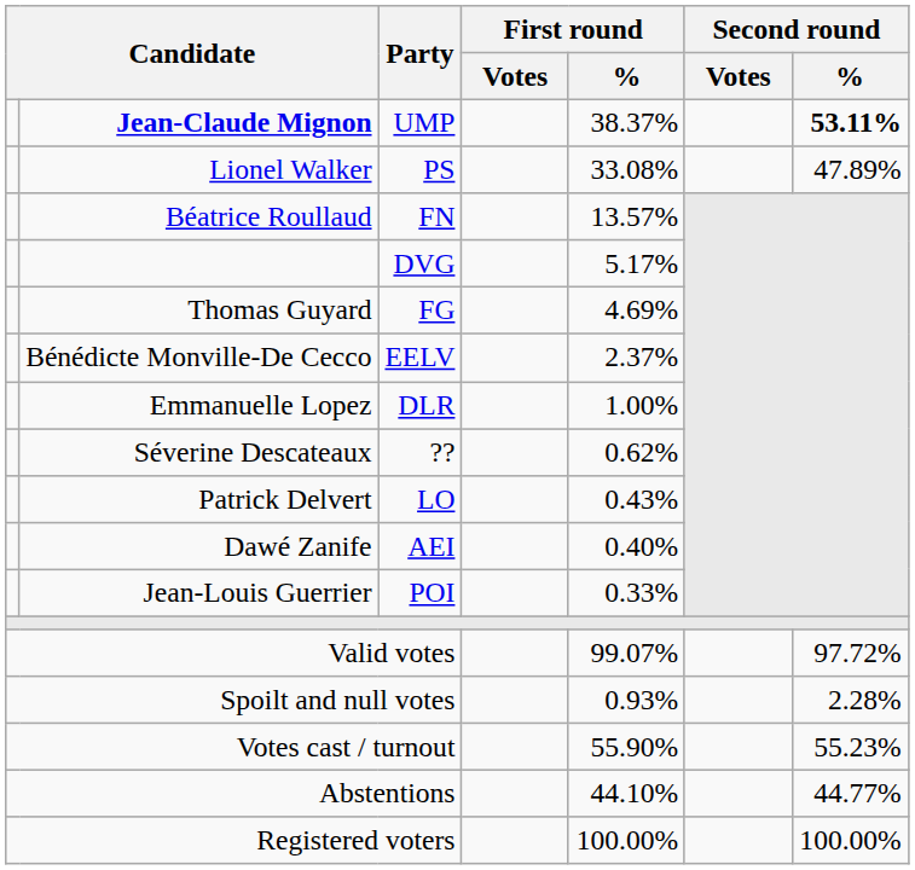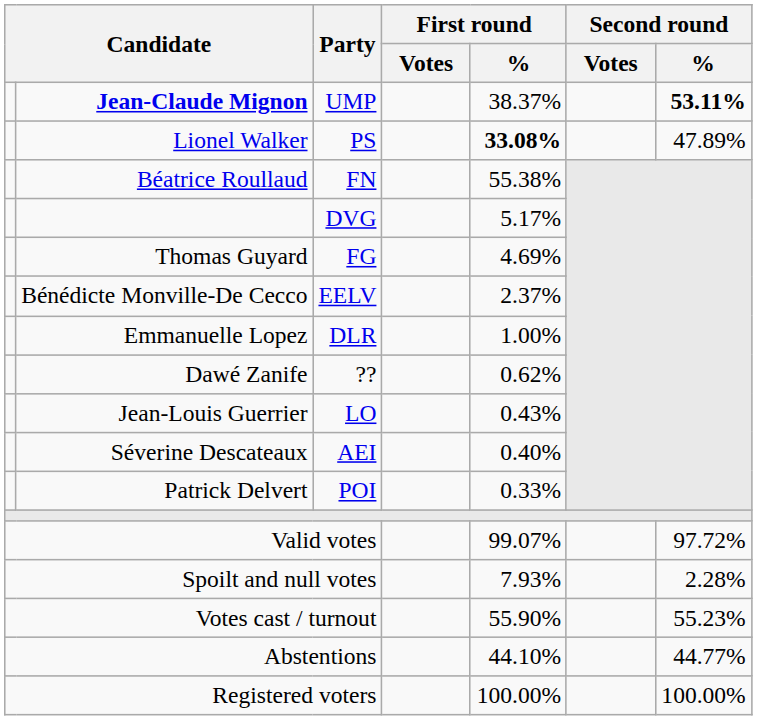 <table class="wikitable" style="text-align:right;font-size:95%;">
 <tr>
 <th rowspan=2 colspan=2>Candidate</th>
 <th rowspan=2 colspan=1>Party</th>
 <th colspan=2>First round</th>
 <th colspan=2>Second round</th>
 </tr>
 <tr>
 <th style="width:50px;">Votes</th>
 <th style="width:55px;">%</th>
 <th style="width:50px;">Votes</th>
 <th style="width:55px;">%</th>
 </tr>
 <tr>
 <td style="color:inherit;background-color:"></td>
 <td><strong><a href='#'>Jean-Claude Mignon</a></strong></td>
 <td><a href='#'>UMP</a></td>
 <td></td>
 <td>38.37%</td>
 <td><strong></strong></td>
 <td><strong>53.11%</strong></td>
 </tr>
 <tr>
 <td style="color:inherit;background-color:"></td>
 <td><a href='#'>Lionel Walker</a></td>
 <td><a href='#'>PS</a></td>
 <td></td>
-<td>33.08%</td>
+<td><strong>33.08%</strong></td>
 <td></td>
 <td>47.89%</td>
 </tr>
 <tr>
 <td style="color:inherit;background-color:"></td>
 <td><a href='#'>Béatrice Roullaud</a></td>
 <td><a href='#'>FN</a></td>
 <td></td>
-<td>13.57%</td>
+<td>55.38%</td>
 <td colspan=7 rowspan=9 style="background-color:#E9E9E9;"></td>
 </tr>
 <tr>
 <td style="color:inherit;background-color:"></td>
 <td></td>
 <td><a href='#'>DVG</a> </td>
 <td></td>
 <td>5.17%</td>
 </tr>
 <tr>
 <td style="color:inherit;background-color:"></td>
 <td>Thomas Guyard</td>
 <td><a href='#'>FG</a></td>
 <td></td>
 <td>4.69%</td>
 </tr>
 <tr>
 <td style="color:inherit;background-color:"></td>
 <td>Bénédicte Monville-De Cecco</td>
 <td><a href='#'>EELV</a></td>
 <td></td>
 <td>2.37%</td>
 </tr>
 <tr>
 <td style="color:inherit;background-color:"></td>
 <td>Emmanuelle Lopez</td>
 <td><a href='#'>DLR</a></td>
 <td></td>
 <td>1.00%</td>
 </tr>
 <tr>
 <td style="background-color:;"></td>
-<td>Séverine Descateaux</td>
+<td>Dawé Zanife</td>
 <td>??</td>
 <td></td>
 <td>0.62%</td>
 </tr>
 <tr>
 <td style="color:inherit;background-color:"></td>
-<td>Patrick Delvert</td>
+<td>Jean-Louis Guerrier</td>
 <td><a href='#'>LO</a></td>
 <td></td>
 <td>0.43%</td>
 </tr>
 <tr>
 <td style="color:inherit;background-color:"></td>
-<td>Dawé Zanife</td>
+<td>Séverine Descateaux</td>
 <td><a href='#'>AEI</a></td>
 <td></td>
 <td>0.40%</td>
 </tr>
 <tr>
 <td style="color:inherit;background-color:"></td>
-<td>Jean-Louis Guerrier</td>
+<td>Patrick Delvert</td>
 <td><a href='#'>POI</a></td>
 <td></td>
 <td>0.33%</td>
 </tr>
 <tr>
 <td colspan=7 style="background-color:#E9E9E9;"></td>
 </tr>
 <tr>
 <td colspan=3>Valid votes</td>
 <td></td>
 <td>99.07%</td>
 <td></td>
 <td>97.72%</td>
 </tr>
 <tr>
 <td colspan=3>Spoilt and null votes</td>
 <td></td>
-<td>0.93%</td>
+<td>7.93%</td>
 <td></td>
 <td>2.28%</td>
 </tr>
 <tr>
 <td colspan=3>Votes cast / turnout</td>
 <td></td>
 <td>55.90%</td>
 <td></td>
 <td>55.23%</td>
 </tr>
 <tr>
 <td colspan=3>Abstentions</td>
 <td></td>
 <td>44.10%</td>
 <td></td>
 <td>44.77%</td>
 </tr>
 <tr>
 <td colspan=3>Registered voters</td>
 <td></td>
 <td>100.00%</td>
 <td></td>
 <td>100.00%</td>
 </tr>
 </table>
